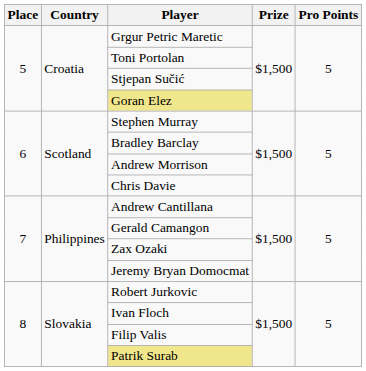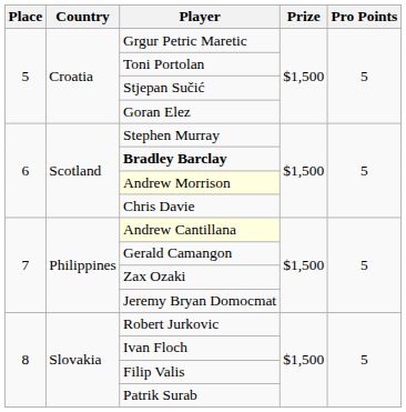 <table class="wikitable">
 <tr>
 <th>Place</th>
 <th>Country</th>
 <th>Player</th>
 <th>Prize</th>
 <th>Pro Points</th>
 </tr>
 <tr>
 <td rowspan="4" align=center>5</td>
 <td rowspan="4"> Croatia</td>
 <td>Grgur Petric Maretic</td>
 <td rowspan="4" align=center>$1,500</td>
 <td rowspan="4" align=center>5</td>
 </tr>
 <tr>
 <td>Toni Portolan</td>
 </tr>
 <tr>
 <td>Stjepan Sučić</td>
 </tr>
 <tr>
-<td style="background: khaki;">Goran Elez</td>
+<td>Goran Elez</td>
 </tr>
 <tr>
 <td rowspan="4" align=center>6</td>
 <td rowspan="4"> Scotland</td>
 <td>Stephen Murray</td>
 <td rowspan="4" align=center>$1,500</td>
 <td rowspan="4" align=center>5</td>
 </tr>
 <tr>
-<td>Bradley Barclay</td>
+<td><strong>Bradley Barclay</strong></td>
 </tr>
 <tr>
-<td>Andrew Morrison</td>
+<td style="background: lightyellow;">Andrew Morrison</td>
 </tr>
 <tr>
 <td>Chris Davie</td>
 </tr>
 <tr>
 <td rowspan="4" align=center>7</td>
 <td rowspan="4"> Philippines</td>
-<td>Andrew Cantillana</td>
+<td style="background: lightyellow;">Andrew Cantillana</td>
 <td rowspan="4" align=center>$1,500</td>
 <td rowspan="4" align=center>5</td>
 </tr>
 <tr>
 <td>Gerald Camangon</td>
 </tr>
 <tr>
 <td>Zax Ozaki</td>
 </tr>
 <tr>
 <td>Jeremy Bryan Domocmat</td>
 </tr>
 <tr>
 <td rowspan="4" align=center>8</td>
 <td rowspan="4"> Slovakia</td>
 <td>Robert Jurkovic</td>
 <td rowspan="4" align=center>$1,500</td>
 <td rowspan="4" align=center>5</td>
 </tr>
 <tr>
 <td>Ivan Floch</td>
 </tr>
 <tr>
 <td>Filip Valis</td>
 </tr>
 <tr>
-<td style="background: khaki;">Patrik Surab</td>
+<td>Patrik Surab</td>
 </tr>
 </table>
